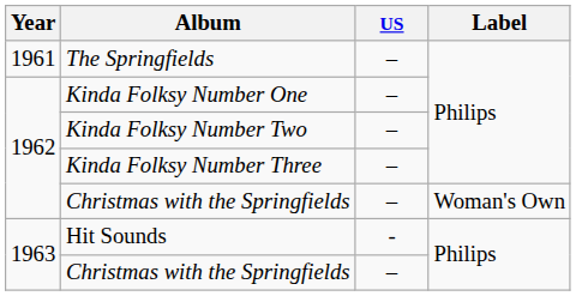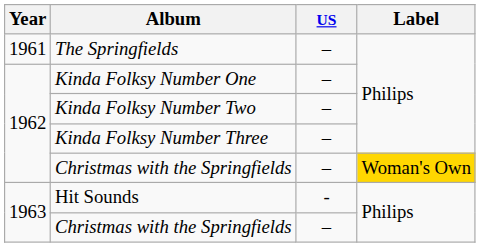 <table class='wikitable'>
 <tr>
 <th>Year</th>
 <th>Album</th>
 <th width="45"><small><a href='#'>US</a></small></th>
 <th>Label</th>
 </tr>
 <tr>
 <td>1961</td>
 <td><em>The Springfields</em></td>
 <td align="center">–</td>
 <td rowspan="4">Philips</td>
 </tr>
 <tr>
 <td rowspan="4">1962</td>
 <td><em>Kinda Folksy Number One</em></td>
 <td align="center">–</td>
 </tr>
 <tr>
 <td><em>Kinda Folksy Number Two</em></td>
 <td align="center">–</td>
 </tr>
 <tr>
 <td><em>Kinda Folksy Number Three</em></td>
 <td align="center">–</td>
 </tr>
 <tr>
 <td><em>Christmas with the Springfields</em></td>
 <td align="center">–</td>
-<td>Woman's Own</td>
+<td style="background: gold;">Woman's Own</td>
 </tr>
 <tr>
 <td rowspan="2">1963</td>
 <td>Hit Sounds</td>
 <td align="center">-</td>
 <td rowspan="2">Philips</td>
 </tr>
 <tr>
 <td><em>Christmas with the Springfields</em></td>
 <td align="center">–</td>
 </tr>
 </table>
